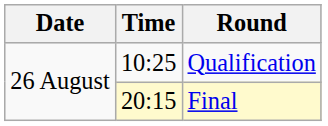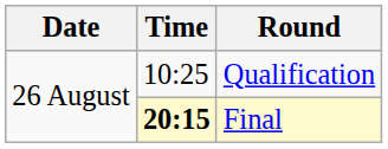 <table class="wikitable">
 <tr>
 <th>Date</th>
 <th>Time</th>
 <th>Round</th>
 </tr>
 <tr>
 <td rowspan="2">26 August</td>
 <td>10:25</td>
 <td><a href='#'>Qualification</a></td>
 </tr>
 <tr style=background:lemonchiffon>
-<td>20:15</td>
+<td><strong>20:15</strong></td>
 <td><a href='#'>Final</a></td>
 </tr>
 </table>
